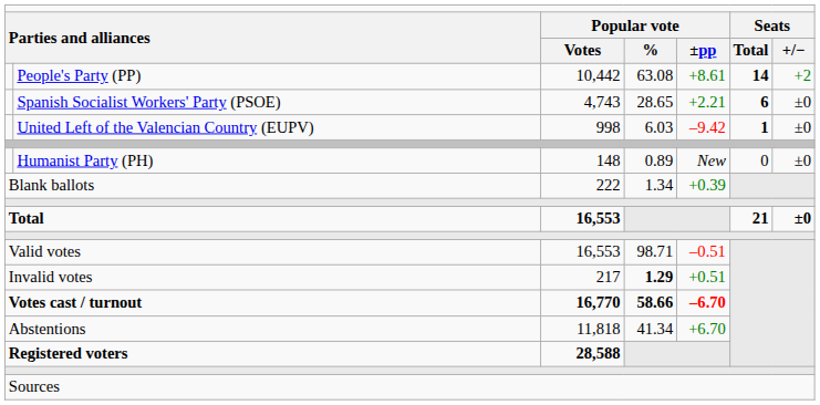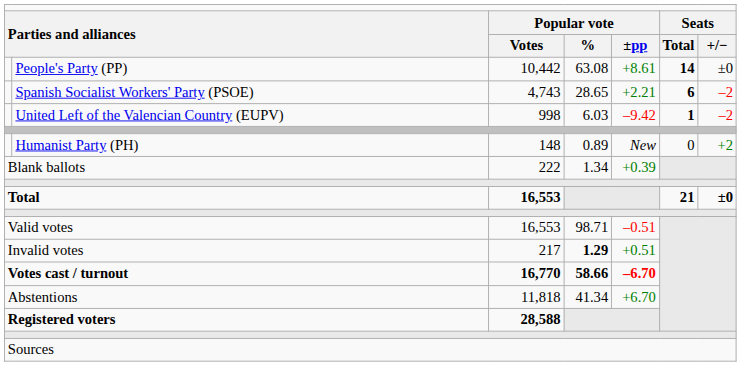 <table class="wikitable" style="text-align:right;">
 <tr>
 <td colspan="7"></td>
 </tr>
 <tr>
 <th style="text-align:left;" rowspan="2" colspan="2" width="525">Parties and alliances</th>
 <th colspan="3">Popular vote</th>
 <th colspan="2">Seats</th>
 </tr>
 <tr>
 <th width="75">Votes</th>
 <th width="45">%</th>
 <th width="45">±<a href='#'>pp</a></th>
 <th width="35">Total</th>
 <th width="35">+/−</th>
 </tr>
 <tr>
 <td width="1" style="color:inherit;background:"></td>
 <td align="left"><a href='#'>People's Party</a> (PP)</td>
 <td>10,442</td>
 <td>63.08</td>
 <td style="color:green;">+8.61</td>
 <td><strong>14</strong></td>
-<td style="color:green;">+2</td>
+<td>±0</td>
 </tr>
 <tr>
 <td style="color:inherit;background:"></td>
 <td align="left"><a href='#'>Spanish Socialist Workers' Party</a> (PSOE)</td>
 <td>4,743</td>
 <td>28.65</td>
 <td style="color:green;">+2.21</td>
 <td><strong>6</strong></td>
-<td>±0</td>
+<td style="color:red;">–2</td>
 </tr>
 <tr>
 <td style="color:inherit;background:"></td>
 <td align="left"><a href='#'>United Left of the Valencian Country</a> (EUPV)</td>
 <td>998</td>
 <td>6.03</td>
 <td style="color:red;">–9.42</td>
 <td><strong>1</strong></td>
-<td>±0</td>
+<td style="color:red;">–2</td>
 </tr>
 <tr>
 <td colspan="7" bgcolor="#C0C0C0"></td>
 </tr>
 <tr>
 <td style="color:inherit;background:"></td>
 <td align="left"><a href='#'>Humanist Party</a> (PH)</td>
 <td>148</td>
 <td>0.89</td>
 <td><em>New</em></td>
 <td>0</td>
-<td>±0</td>
+<td style="color:green;">+2</td>
 </tr>
 <tr>
 <td align="left" colspan="2">Blank ballots</td>
 <td>222</td>
 <td>1.34</td>
 <td style="color:green;">+0.39</td>
 <td bgcolor="#E9E9E9" colspan="2"></td>
 </tr>
 <tr>
 <td colspan="7" bgcolor="#E9E9E9"></td>
 </tr>
 <tr style="font-weight:bold;">
 <td align="left" colspan="2">Total</td>
 <td>16,553</td>
 <td bgcolor="#E9E9E9" colspan="2"></td>
 <td>21</td>
 <td>±0</td>
 </tr>
 <tr>
 <td colspan="7" bgcolor="#E9E9E9"></td>
 </tr>
 <tr>
 <td align="left" colspan="2">Valid votes</td>
 <td>16,553</td>
 <td>98.71</td>
 <td style="color:red;">–0.51</td>
 <td bgcolor="#E9E9E9" colspan="2" rowspan="5"></td>
 </tr>
 <tr>
 <td align="left" colspan="2">Invalid votes</td>
 <td>217</td>
 <td><strong>1.29</strong></td>
 <td style="color:green;">+0.51</td>
 </tr>
 <tr style="font-weight:bold;">
 <td align="left" colspan="2">Votes cast / turnout</td>
 <td>16,770</td>
 <td>58.66</td>
 <td style="color:red;">–6.70</td>
 </tr>
 <tr>
 <td align="left" colspan="2">Abstentions</td>
 <td>11,818</td>
 <td>41.34</td>
 <td style="color:green;">+6.70</td>
 </tr>
 <tr style="font-weight:bold;">
 <td align="left" colspan="2">Registered voters</td>
 <td>28,588</td>
 <td bgcolor="#E9E9E9" colspan="2"></td>
 </tr>
 <tr>
 <td colspan="7" bgcolor="#E9E9E9"></td>
 </tr>
 <tr>
 <td align="left" colspan="7">Sources</td>
 </tr>
 </table>
